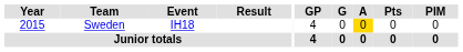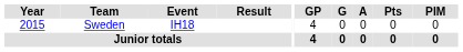 <table border="0" cellpadding="1" cellspacing="0" ID="Table3" style="text-align:center; width:40em">
 <tr ALIGN="center" bgcolor="#e0e0e0">
 <th>Year</th>
 <th>Team</th>
 <th>Event</th>
 <th>Result</th>
 <th rowspan="99" bgcolor="#ffffff"></th>
 <th>GP</th>
 <th>G</th>
 <th>A</th>
 <th>Pts</th>
 <th>PIM</th>
 </tr>
 <tr>
 <td><a href='#'>2015</a></td>
 <td><a href='#'>Sweden</a></td>
 <td><a href='#'>IH18</a></td>
 <td></td>
 <td>4</td>
 <td>0</td>
-<td style="background: gold;">0</td>
+<td>0</td>
 <td>0</td>
 <td>0</td>
 </tr>
 <tr bgcolor="#e0e0e0">
 <th colspan="4">Junior totals</th>
 <th>4</th>
 <th>0</th>
 <th>0</th>
 <th>0</th>
 <th>0</th>
 </tr>
 </table>
